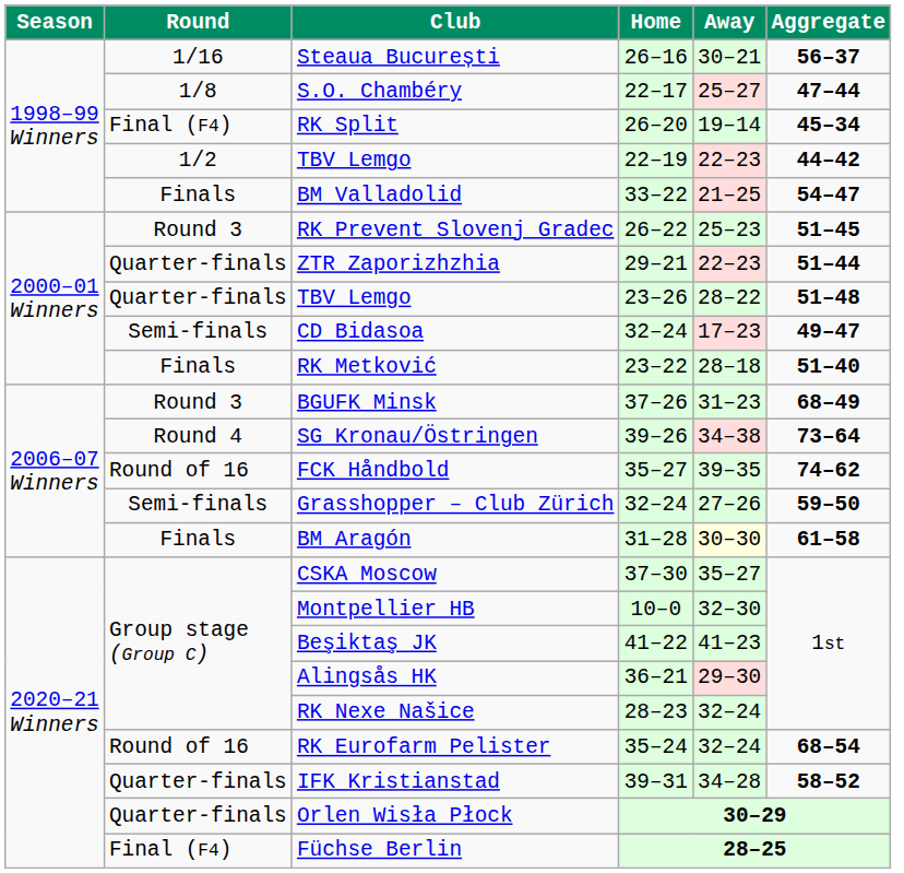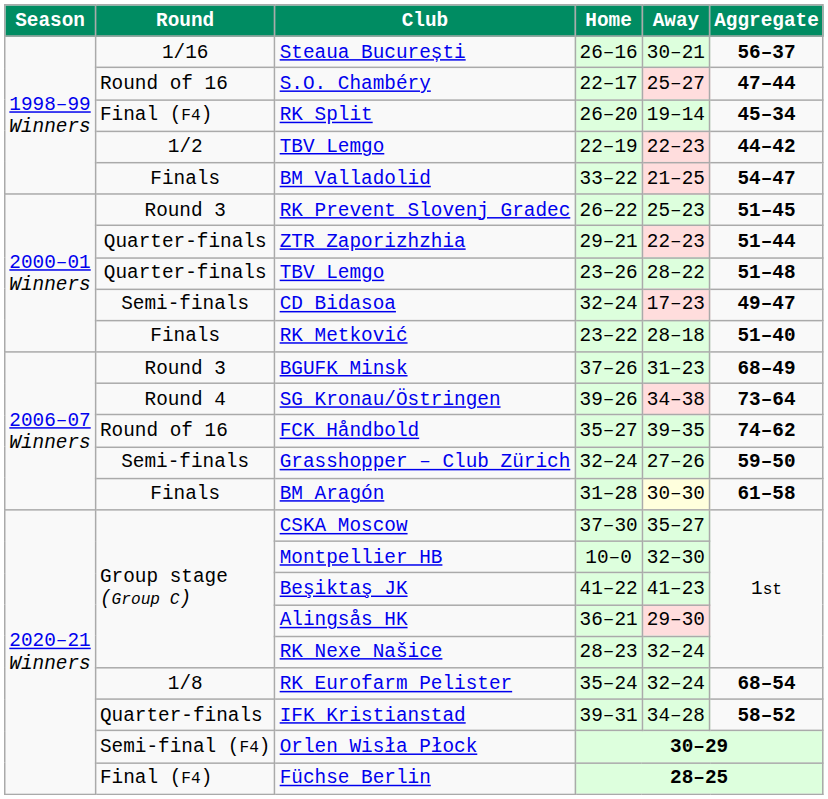 <table class="wikitable">
 <tr>
 <th style="color:#FFFFFF; background:#008C62">Season</th>
 <th style="color:#FFFFFF; background:#008C62">Round</th>
 <th style="color:#FFFFFF; background:#008C62">Club</th>
 <th style="color:#FFFFFF; background:#008C62">Home</th>
 <th style="color:#FFFFFF; background:#008C62">Away</th>
 <th style="color:#FFFFFF; background:#008C62">Aggregate</th>
 </tr>
 <tr>
 <td rowspan=5><a href='#'>1998–99</a><br> <em>Winners</em></td>
 <td align=center>1/16</td>
 <td> <a href='#'>Steaua București</a></td>
 <td style="text-align:center; background:#dfd;">26–16</td>
 <td style="text-align:center; background:#dfd;">30–21</td>
 <td style="text-align:center;"><strong>56–37</strong></td>
 </tr>
 <tr>
-<td align=center>1/8</td>
+<td>Round of 16</td>
 <td> <a href='#'>S.O. Chambéry</a></td>
 <td style="text-align:center; background:#dfd;">22–17</td>
 <td style="text-align:center; background:#fdd;">25–27</td>
 <td style="text-align:center;"><strong>47–44</strong></td>
 </tr>
 <tr>
 <td>Final (<small>F4</small>)</td>
 <td> <a href='#'>RK Split</a></td>
 <td style="text-align:center; background:#dfd;">26–20</td>
 <td style="text-align:center; background:#dfd;">19–14</td>
 <td style="text-align:center;"><strong>45–34</strong></td>
 </tr>
 <tr>
 <td align=center>1/2</td>
 <td> <a href='#'>TBV Lemgo</a></td>
 <td style="text-align:center; background:#dfd;">22–19</td>
 <td style="text-align:center; background:#fdd;">22–23</td>
 <td style="text-align:center;"><strong>44–42</strong></td>
 </tr>
 <tr>
 <td align=center>Finals</td>
 <td> <a href='#'>BM Valladolid</a></td>
 <td style="text-align:center; background:#dfd;">33–22</td>
 <td style="text-align:center; background:#fdd;">21–25</td>
 <td style="text-align:center;"><strong>54–47</strong></td>
 </tr>
 <tr>
 <td rowspan=5><a href='#'>2000–01</a><br> <em>Winners</em></td>
 <td align=center>Round 3</td>
 <td> <a href='#'>RK Prevent Slovenj Gradec</a></td>
 <td style="text-align:center; background:#dfd;">26–22</td>
 <td style="text-align:center; background:#dfd;">25–23</td>
 <td style="text-align:center;"><strong>51–45</strong></td>
 </tr>
 <tr>
 <td align=center>Quarter-finals</td>
 <td> <a href='#'>ZTR Zaporizhzhia</a></td>
 <td style="text-align:center; background:#dfd;">29–21</td>
 <td style="text-align:center; background:#fdd;">22–23</td>
 <td style="text-align:center;"><strong>51–44</strong></td>
 </tr>
 <tr>
 <td align=center>Quarter-finals</td>
 <td> <a href='#'>TBV Lemgo</a></td>
 <td style="text-align:center; background:#dfd;">23–26</td>
 <td style="text-align:center; background:#dfd;">28–22</td>
 <td style="text-align:center;"><strong>51–48</strong></td>
 </tr>
 <tr>
 <td align=center>Semi-finals</td>
 <td> <a href='#'>CD Bidasoa</a></td>
 <td style="text-align:center; background:#dfd;">32–24</td>
 <td style="text-align:center; background:#fdd;">17–23</td>
 <td style="text-align:center;"><strong>49–47</strong></td>
 </tr>
 <tr>
 <td align=center>Finals</td>
 <td> <a href='#'>RK Metković</a></td>
 <td style="text-align:center; background:#dfd;">23–22</td>
 <td style="text-align:center; background:#dfd;">28–18</td>
 <td style="text-align:center;"><strong>51–40</strong></td>
 </tr>
 <tr>
 <td rowspan=5><a href='#'>2006–07</a><br> <em>Winners</em></td>
 <td align=center>Round 3</td>
 <td> <a href='#'>BGUFK Minsk</a></td>
 <td style="text-align:center; background:#dfd;">37–26</td>
 <td style="text-align:center; background:#dfd;">31–23</td>
 <td style="text-align:center;"><strong>68–49</strong></td>
 </tr>
 <tr>
 <td align=center>Round 4</td>
 <td> <a href='#'>SG Kronau/Östringen</a></td>
 <td style="text-align:center; background:#dfd;">39–26</td>
 <td style="text-align:center; background:#fdd;">34–38</td>
 <td style="text-align:center;"><strong>73–64</strong></td>
 </tr>
 <tr>
 <td>Round of 16</td>
 <td> <a href='#'>FCK Håndbold</a></td>
 <td style="text-align:center; background:#dfd;">35–27</td>
 <td style="text-align:center; background:#dfd;">39–35</td>
 <td style="text-align:center;"><strong>74–62</strong></td>
 </tr>
 <tr>
 <td align=center>Semi-finals</td>
 <td> <a href='#'>Grasshopper – Club Zürich</a></td>
 <td style="text-align:center; background:#dfd;">32–24</td>
 <td style="text-align:center; background:#dfd;">27–26</td>
 <td style="text-align:center;"><strong>59–50</strong></td>
 </tr>
 <tr>
 <td align=center>Finals</td>
 <td> <a href='#'>BM Aragón</a></td>
 <td style="text-align:center; background:#dfd;">31–28</td>
 <td style="text-align:center; background:#ffd;">30–30</td>
 <td style="text-align:center;"><strong>61–58</strong></td>
 </tr>
 <tr>
 <td rowspan=9><a href='#'>2020–21</a><br> <em>Winners</em></td>
 <td rowspan=5>Group stage<br><em>(<small>Group C</small>)</em></td>
 <td> <a href='#'>CSKA Moscow</a></td>
 <td style="text-align:center; background:#dfd;">37–30</td>
 <td style="text-align:center; background:#dfd;">35–27</td>
 <td align=center rowspan=5>1<small>st</small></td>
 </tr>
 <tr>
 <td> <a href='#'>Montpellier HB</a></td>
 <td style="text-align:center; background:#dfd;">10–0</td>
 <td style="text-align:center; background:#dfd;">32–30</td>
 </tr>
 <tr>
 <td> <a href='#'>Beşiktaş JK</a></td>
 <td style="text-align:center; background:#dfd;">41–22</td>
 <td style="text-align:center; background:#dfd;">41–23</td>
 </tr>
 <tr>
 <td> <a href='#'>Alingsås HK</a></td>
 <td style="text-align:center; background:#dfd;">36–21</td>
 <td style="text-align:center; background:#fdd;">29–30</td>
 </tr>
 <tr>
 <td> <a href='#'>RK Nexe Našice</a></td>
 <td style="text-align:center; background:#dfd;">28–23</td>
 <td style="text-align:center; background:#dfd;">32–24</td>
 </tr>
 <tr>
-<td>Round of 16</td>
+<td align=center>1/8</td>
 <td> <a href='#'>RK Eurofarm Pelister</a></td>
 <td style="text-align:center; background:#dfd;">35–24</td>
 <td style="text-align:center; background:#dfd;">32–24</td>
 <td style="text-align:center;"><strong>68–54</strong></td>
 </tr>
 <tr>
 <td>Quarter-finals</td>
 <td> <a href='#'>IFK Kristianstad</a></td>
 <td style="text-align:center; background:#dfd;">39–31</td>
 <td style="text-align:center; background:#dfd;">34–28</td>
 <td style="text-align:center;"><strong>58–52</strong></td>
 </tr>
 <tr>
-<td align=center>Quarter-finals</td>
+<td>Semi-final (<small>F4</small>)</td>
 <td> <a href='#'>Orlen Wisła Płock</a></td>
 <td colspan=3; style="text-align:center; background:#dfd;"><strong>30–29</strong></td>
 </tr>
 <tr>
 <td>Final (<small>F4</small>)</td>
 <td> <a href='#'>Füchse Berlin</a></td>
 <td colspan=3; style="text-align:center; background:#dfd;"><strong>28–25</strong></td>
 </tr>
 </table>
